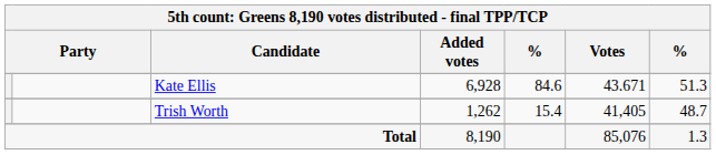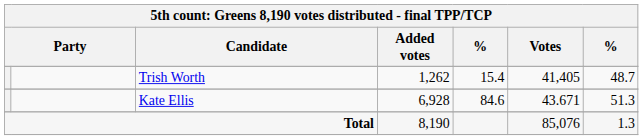 <table class="wikitable" style="font-size: 95%;">
 <tr style="background-color:#E9E9E9">
 <th colspan=7>5th count: Greens 8,190 votes distributed - final TPP/TCP</th>
 </tr>
 <tr style="background-color:#E9E9E9">
 <th colspan=2 style="width: 130px">Party</th>
 <th style="width: 17em">Candidate</th>
 <th style="width: 5em">Added votes</th>
 <th style="width: 3.5em">%</th>
 <th style="width: 5em">Votes</th>
 <th style="width: 3.5em">%</th>
 </tr>
 <tr>
 </tr>
 <tr class="vcard">
 <th></th>
 <td class="org" style="width: 130px"></td>
-<td class="fn"><a href='#'>Kate Ellis</a></td>
-<td style="text-align: right; margin-right: 0.5em">6,928</td>
-<td style="text-align: right; margin-right: 0.5em">84.6</td>
-<td style="text-align: right; margin-right: 0.5em">43.671</td>
-<td style="text-align: right; margin-right: 0.5em">51.3</td>
+<td class="fn"><a href='#'>Trish Worth</a></td>
+<td style="text-align: right; margin-right: 0.5em">1,262</td>
+<td style="text-align: right; margin-right: 0.5em">15.4</td>
+<td style="text-align: right; margin-right: 0.5em">41,405</td>
+<td style="text-align: right; margin-right: 0.5em">48.7</td>
 </tr>
 <tr>
 </tr>
 <tr class="vcard">
 <th></th>
 <td class="org" style="width: 130px"></td>
-<td class="fn"><a href='#'>Trish Worth</a></td>
-<td style="text-align: right; margin-right: 0.5em">1,262</td>
-<td style="text-align: right; margin-right: 0.5em">15.4</td>
-<td style="text-align: right; margin-right: 0.5em">41,405</td>
-<td style="text-align: right; margin-right: 0.5em">48.7</td>
+<td class="fn"><a href='#'>Kate Ellis</a></td>
+<td style="text-align: right; margin-right: 0.5em">6,928</td>
+<td style="text-align: right; margin-right: 0.5em">84.6</td>
+<td style="text-align: right; margin-right: 0.5em">43.671</td>
+<td style="text-align: right; margin-right: 0.5em">51.3</td>
 </tr>
 <tr>
 </tr>
 <tr>
 </tr>
 <tr style="background-color:#F6F6F6">
 <td colspan="3" style="text-align: right; margin-right: 0.5em"><strong>Total</strong></td>
 <td style="text-align: right; margin-right: 0.5em">8,190</td>
 <td style="text-align: right; margin-right: 0.5em"></td>
 <td style="text-align: right; margin-right: 0.5em">85,076</td>
 <td style="text-align: right; margin-right: 0.5em">1.3</td>
 </tr>
 <tr>
 </tr>
 </table>
